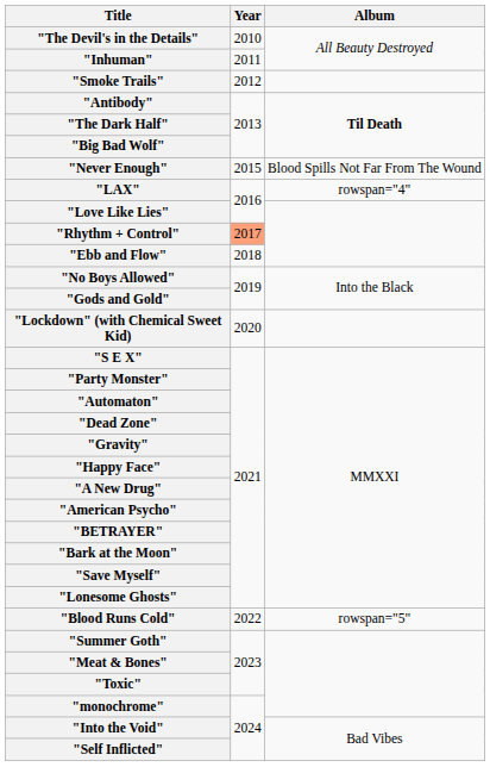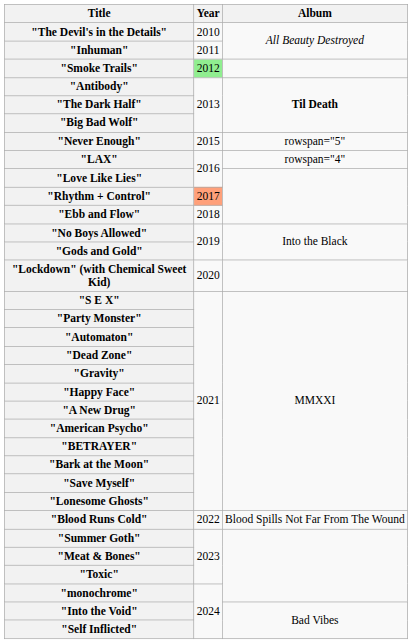 <table class="wikitable plainrowheaders" style="text-align:center;">
 <tr>
 <th scope="col" style="width:16em;">Title</th>
 <th scope="col">Year</th>
 <th scope="col">Album</th>
 </tr>
 <tr>
 <th scope="row">"The Devil's in the Details"</th>
 <td>2010</td>
 <td rowspan="2"><em>All Beauty Destroyed</em></td>
 </tr>
 <tr>
 <th scope="row">"Inhuman"</th>
 <td>2011</td>
 </tr>
 <tr>
 <th scope="row">"Smoke Trails"</th>
-<td>2012</td>
+<td style="background: lightgreen;">2012</td>
 <td></td>
 </tr>
 <tr>
 <th scope="row">"Antibody"</th>
 <td rowspan="3">2013</td>
 <td rowspan="3"><strong>Til Death<em></td>
 </tr>
 <tr>
 <th scope="row">"The Dark Half"</th>
 </tr>
 <tr>
 <th scope="row">"Big Bad Wolf"</th>
 </tr>
 <tr>
 <th scope="row">"Never Enough"</th>
 <td>2015</td>
-<td></em>Blood Spills Not Far From The Wound<em></td>
+<td>rowspan="5" </td>
 </tr>
 <tr>
 <th scope="row">"LAX"</th>
 <td rowspan="2">2016</td>
 <td>rowspan="4" </td>
 </tr>
 <tr>
 <th scope="row">"Love Like Lies"</th>
 </tr>
 <tr>
 <th scope="row">"Rhythm + Control"</th>
 <td style="background: lightsalmon;">2017</td>
 </tr>
 <tr>
 <th scope="row">"Ebb and Flow"</th>
 <td>2018</td>
 </tr>
 <tr>
 <th scope="row">"No Boys Allowed"</th>
 <td rowspan="2">2019</td>
 <td rowspan="2"></em>Into the Black<em></td>
 </tr>
 <tr>
 <th scope="row">"Gods and Gold"</th>
 </tr>
 <tr>
 <th scope="row">"Lockdown" (with Chemical Sweet Kid)</th>
 <td>2020</td>
 <td></td>
 </tr>
 <tr>
 <th scope="row">"S E X"</th>
 <td rowspan="12">2021</td>
 <td rowspan="12">MMXXI</td>
 </tr>
 <tr>
 <th scope="row">"Party Monster"</th>
 </tr>
 <tr>
 <th scope="row">"Automaton"</th>
 </tr>
 <tr>
 <th scope="row">"Dead Zone"</th>
 </tr>
 <tr>
 <th scope="row">"Gravity"</th>
 </tr>
 <tr>
 <th scope="row">"Happy Face"</th>
 </tr>
 <tr>
 <th scope="row">"A New Drug"</th>
 </tr>
 <tr>
 <th scope="row">"American Psycho"</th>
 </tr>
 <tr>
 <th scope="row">"BETRAYER"</th>
 </tr>
 <tr>
 <th scope="row">"Bark at the Moon"</th>
 </tr>
 <tr>
 <th scope="row">"Save Myself"</th>
 </tr>
 <tr>
 <th scope="row">"Lonesome Ghosts"</th>
 </tr>
 <tr>
 <th scope="row">"Blood Runs Cold"</th>
 <td>2022</td>
-<td>rowspan="5" </td>
+<td></em>Blood Spills Not Far From The Wound<em></td>
 </tr>
 <tr>
 <th scope="row">"Summer Goth"</th>
 <td rowspan="3">2023</td>
 </tr>
 <tr>
 <th scope="row">"Meat & Bones"</th>
 </tr>
 <tr>
 <th scope="row">"Toxic"</th>
 </tr>
 <tr>
 <th scope="row">"monochrome"</th>
 <td rowspan="3">2024</td>
 </tr>
 <tr>
 <th scope="row">"Into the Void"</th>
 <td rowspan="2"></em>Bad Vibes<em></td>
 </tr>
 <tr>
 <th scope="row">"Self Inflicted"</th>
 </tr>
 </table>
